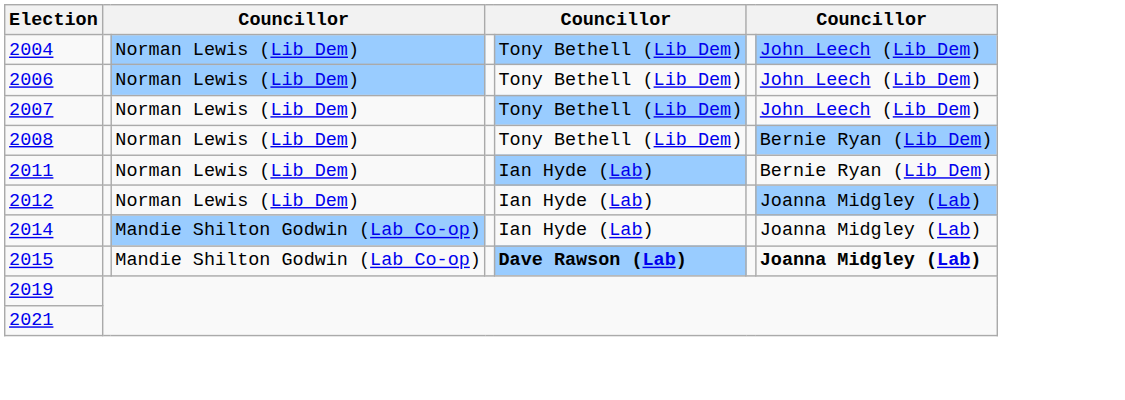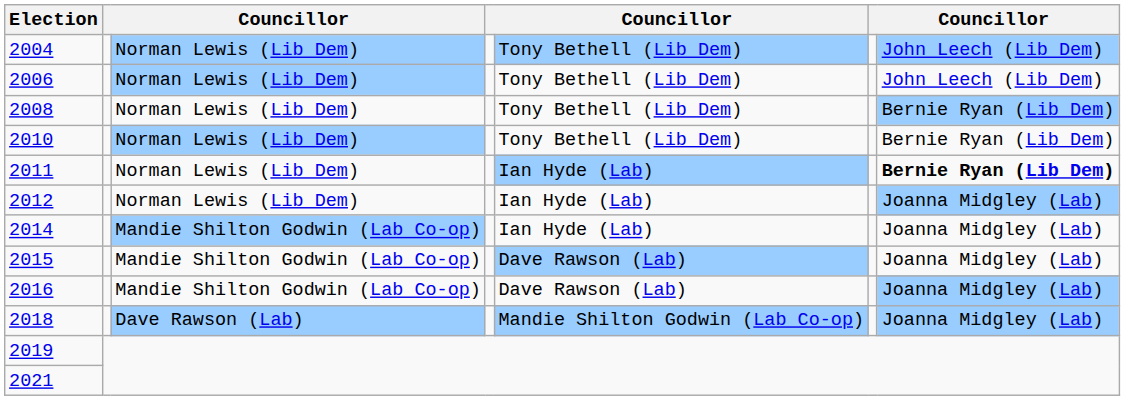 <table class="wikitable">
 <tr>
 <th>Election</th>
 <th colspan="2">Councillor</th>
 <th colspan="2">Councillor</th>
 <th colspan="2">Councillor</th>
 </tr>
 <tr>
 <td><a href='#'>2004</a></td>
 <td style="background-color: "></td>
 <td bgcolor="#99CCFF">Norman Lewis (<a href='#'>Lib Dem</a>)</td>
 <td style="background-color: "></td>
 <td bgcolor="#99CCFF">Tony Bethell (<a href='#'>Lib Dem</a>)</td>
 <td style="background-color: "></td>
 <td bgcolor="#99CCFF"><a href='#'>John Leech</a> (<a href='#'>Lib Dem</a>)</td>
 </tr>
 <tr>
 <td><a href='#'>2006</a></td>
 <td style="background-color: "></td>
 <td bgcolor="#99CCFF">Norman Lewis (<a href='#'>Lib Dem</a>)</td>
 <td style="background-color: "></td>
 <td>Tony Bethell (<a href='#'>Lib Dem</a>)</td>
 <td style="background-color: "></td>
 <td><a href='#'>John Leech</a> (<a href='#'>Lib Dem</a>)</td>
 </tr>
 <tr>
-<td><a href='#'>2007</a></td>
-<td style="background-color: "></td>
-<td>Norman Lewis (<a href='#'>Lib Dem</a>)</td>
-<td style="background-color: "></td>
-<td bgcolor="#99CCFF">Tony Bethell (<a href='#'>Lib Dem</a>)</td>
-<td style="background-color: "></td>
-<td><a href='#'>John Leech</a> (<a href='#'>Lib Dem</a>)</td>
-</tr>
-<tr>
 <td><a href='#'>2008</a></td>
 <td style="background-color: "></td>
 <td>Norman Lewis (<a href='#'>Lib Dem</a>)</td>
 <td style="background-color: "></td>
 <td>Tony Bethell (<a href='#'>Lib Dem</a>)</td>
 <td style="background-color: "></td>
 <td bgcolor="#99CCFF">Bernie Ryan (<a href='#'>Lib Dem</a>)</td>
 </tr>
 <tr>
+<td><a href='#'>2010</a></td>
+<td style="background-color: "></td>
+<td bgcolor="#99CCFF">Norman Lewis (<a href='#'>Lib Dem</a>)</td>
+<td style="background-color: "></td>
+<td>Tony Bethell (<a href='#'>Lib Dem</a>)</td>
+<td style="background-color: "></td>
+<td>Bernie Ryan (<a href='#'>Lib Dem</a>)</td>
+</tr>
+<tr>
 <td><a href='#'>2011</a></td>
 <td style="background-color: "></td>
 <td>Norman Lewis (<a href='#'>Lib Dem</a>)</td>
 <td style="background-color: "></td>
 <td bgcolor="#99CCFF">Ian Hyde (<a href='#'>Lab</a>)</td>
 <td style="background-color: "></td>
-<td>Bernie Ryan (<a href='#'>Lib Dem</a>)</td>
+<td><strong>Bernie Ryan (<a href='#'>Lib Dem</a>)</strong></td>
 </tr>
 <tr>
 <td><a href='#'>2012</a></td>
 <td style="background-color: "></td>
 <td>Norman Lewis (<a href='#'>Lib Dem</a>)</td>
 <td style="background-color: "></td>
 <td>Ian Hyde (<a href='#'>Lab</a>)</td>
 <td style="background-color: "></td>
 <td bgcolor="#99CCFF">Joanna Midgley (<a href='#'>Lab</a>)</td>
 </tr>
 <tr>
 <td><a href='#'>2014</a></td>
 <td style="background-color: "></td>
 <td bgcolor="#99CCFF">Mandie Shilton Godwin (<a href='#'>Lab Co-op</a>)</td>
 <td style="background-color: "></td>
 <td>Ian Hyde (<a href='#'>Lab</a>)</td>
 <td style="background-color: "></td>
 <td>Joanna Midgley (<a href='#'>Lab</a>)</td>
 </tr>
 <tr>
 <td><a href='#'>2015</a></td>
 <td style="background-color: "></td>
 <td>Mandie Shilton Godwin (<a href='#'>Lab Co-op</a>)</td>
 <td style="background-color: "></td>
-<td bgcolor="#99CCFF"><strong>Dave Rawson (<a href='#'>Lab</a>)</strong></td>
+<td bgcolor="#99CCFF">Dave Rawson (<a href='#'>Lab</a>)</td>
 <td style="background-color: "></td>
-<td><strong>Joanna Midgley (<a href='#'>Lab</a>)</strong></td>
+<td>Joanna Midgley (<a href='#'>Lab</a>)</td>
+</tr>
+<tr>
+<td><a href='#'>2016</a></td>
+<td style="background-color: "></td>
+<td>Mandie Shilton Godwin (<a href='#'>Lab Co-op</a>)</td>
+<td style="background-color: "></td>
+<td>Dave Rawson (<a href='#'>Lab</a>)</td>
+<td style="background-color: "></td>
+<td bgcolor="#99CCFF">Joanna Midgley (<a href='#'>Lab</a>)</td>
+</tr>
+<tr>
+<td><a href='#'>2018</a></td>
+<td style="background-color: "></td>
+<td bgcolor="#99CCFF">Dave Rawson (<a href='#'>Lab</a>)</td>
+<td style="background-color: "></td>
+<td bgcolor="#99CCFF">Mandie Shilton Godwin (<a href='#'>Lab Co-op</a>)</td>
+<td style="background-color: "></td>
+<td bgcolor="#99CCFF">Joanna Midgley (<a href='#'>Lab</a>)</td>
 </tr>
 <tr>
 <td><a href='#'>2019</a><br>  </td>
 </tr>
 <tr>
 <td><a href='#'>2021</a><br>  </td>
 </tr>
 </table>
